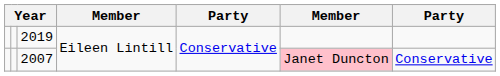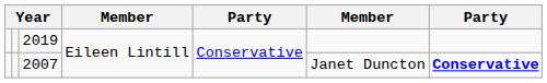 <table class="wikitable">
 <tr>
 <th colspan="3">Year</th>
 <th>Member</th>
 <th>Party</th>
 <th>Member</th>
 <th>Party</th>
 </tr>
 <tr>
 <td style="background-color: "></td>
 <td></td>
 <td>2019</td>
 <td rowspan="2">Eileen Lintill</td>
 <td rowspan="2"><a href='#'>Conservative</a></td>
 <td></td>
 <td></td>
 </tr>
 <tr>
 <td style="background-color: "></td>
 <td style="background-color: "></td>
 <td>2007</td>
-<td style="background: pink;">Janet Duncton</td>
-<td><a href='#'>Conservative</a></td>
+<td>Janet Duncton</td>
+<td><strong><a href='#'>Conservative</a></strong></td>
 </tr>
 </table>
